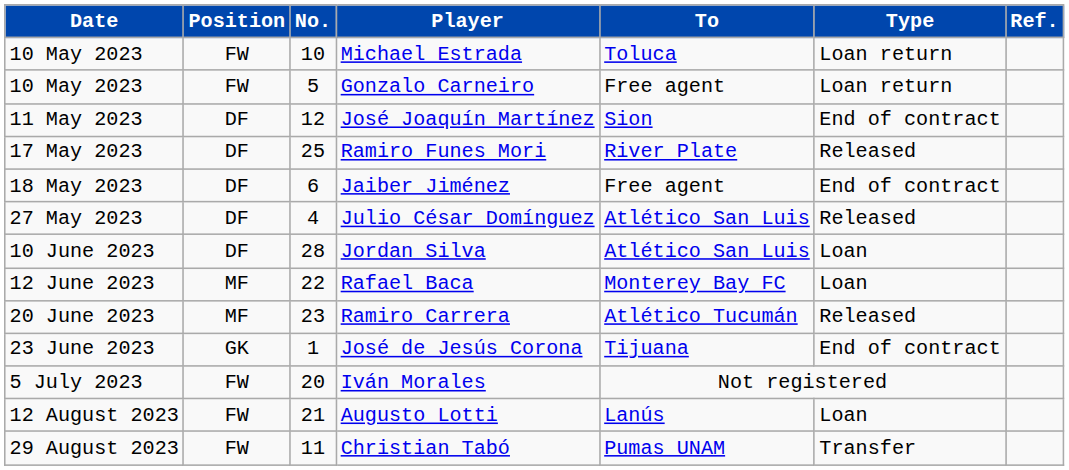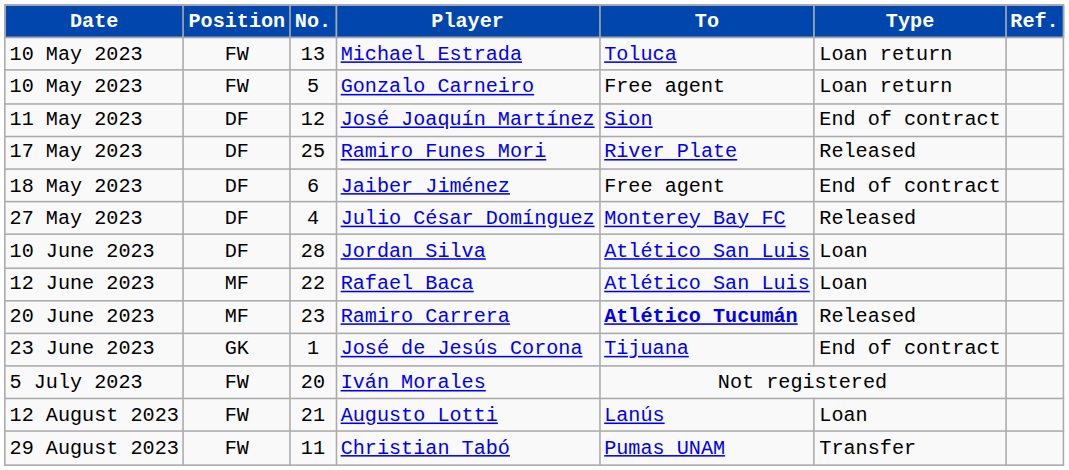 <table class="wikitable plainrowheaders sortable">
 <tr>
 <th style="background:#0046AD; color:#FFFFFF; ">Date</th>
 <th style="background:#0046AD; color:#FFFFFF; ">Position</th>
 <th style="background:#0046AD; color:#FFFFFF; ">No.</th>
 <th style="background:#0046AD; color:#FFFFFF; ">Player</th>
 <th style="background:#0046AD; color:#FFFFFF; ">To</th>
 <th style="background:#0046AD; color:#FFFFFF; ">Type</th>
 <th style="background:#0046AD; color:#FFFFFF; ">Ref.</th>
 </tr>
 <tr>
 <td>10 May 2023</td>
 <td style="text-align:center;">FW</td>
-<td style="text-align:center;">10</td>
+<td style="text-align:center;">13</td>
 <td style="text-align:left;"> <a href='#'>Michael Estrada</a></td>
 <td style="text-align:left;"> <a href='#'>Toluca</a></td>
 <td>Loan return</td>
 <td></td>
 </tr>
 <tr>
 <td>10 May 2023</td>
 <td style="text-align:center;">FW</td>
 <td style="text-align:center;">5</td>
 <td style="text-align:left;"> <a href='#'>Gonzalo Carneiro</a></td>
 <td style="text-align:left;">Free agent</td>
 <td>Loan return</td>
 <td></td>
 </tr>
 <tr>
 <td>11 May 2023</td>
 <td style="text-align:center;">DF</td>
 <td style="text-align:center;">12</td>
 <td style="text-align:left;"> <a href='#'>José Joaquín Martínez</a></td>
 <td style="text-align:left;"> <a href='#'>Sion</a></td>
 <td>End of contract</td>
 <td></td>
 </tr>
 <tr>
 <td>17 May 2023</td>
 <td style="text-align:center;">DF</td>
 <td style="text-align:center;">25</td>
 <td style="text-align:left;"> <a href='#'>Ramiro Funes Mori</a></td>
 <td style="text-align:left;"> <a href='#'>River Plate</a></td>
 <td>Released</td>
 <td></td>
 </tr>
 <tr>
 <td>18 May 2023</td>
 <td style="text-align:center;">DF</td>
 <td style="text-align:center;">6</td>
 <td style="text-align:left;"> <a href='#'>Jaiber Jiménez</a></td>
 <td style="text-align:left;">Free agent</td>
 <td>End of contract</td>
 <td></td>
 </tr>
 <tr>
 <td>27 May 2023</td>
 <td style="text-align:center;">DF</td>
 <td style="text-align:center;">4</td>
 <td style="text-align:left;"> <a href='#'>Julio César Domínguez</a></td>
-<td style="text-align:left;"> <a href='#'>Atlético San Luis</a></td>
+<td style="text-align:left;"> <a href='#'>Monterey Bay FC</a></td>
 <td>Released</td>
 <td></td>
 </tr>
 <tr>
 <td>10 June 2023</td>
 <td style="text-align:center;">DF</td>
 <td style="text-align:center;">28</td>
 <td style="text-align:left;"> <a href='#'>Jordan Silva</a></td>
 <td style="text-align:left;"> <a href='#'>Atlético San Luis</a></td>
 <td>Loan</td>
 <td></td>
 </tr>
 <tr>
 <td>12 June 2023</td>
 <td style="text-align:center;">MF</td>
 <td style="text-align:center;">22</td>
 <td style="text-align:left;"> <a href='#'>Rafael Baca</a></td>
-<td style="text-align:left;"> <a href='#'>Monterey Bay FC</a></td>
+<td style="text-align:left;"> <a href='#'>Atlético San Luis</a></td>
 <td>Loan</td>
 <td></td>
 </tr>
 <tr>
 <td>20 June 2023</td>
 <td style="text-align:center;">MF</td>
 <td style="text-align:center;">23</td>
 <td style="text-align:left;"> <a href='#'>Ramiro Carrera</a></td>
-<td style="text-align:left;"> <a href='#'>Atlético Tucumán</a></td>
+<td style="text-align:left;"><strong> <a href='#'>Atlético Tucumán</a></strong></td>
 <td>Released</td>
 <td></td>
 </tr>
 <tr>
 <td>23 June 2023</td>
 <td style="text-align:center;">GK</td>
 <td style="text-align:center;">1</td>
 <td style="text-align:left;"> <a href='#'>José de Jesús Corona</a></td>
 <td style="text-align:left;"> <a href='#'>Tijuana</a></td>
 <td>End of contract</td>
 <td></td>
 </tr>
 <tr>
 <td>5 July 2023</td>
 <td style="text-align:center;">FW</td>
 <td style="text-align:center;">20</td>
 <td style="text-align:left;"> <a href='#'>Iván Morales</a></td>
 <td style="text-align:center;" colspan="2">Not registered</td>
 <td></td>
 </tr>
 <tr>
 <td>12 August 2023</td>
 <td style="text-align:center;">FW</td>
 <td style="text-align:center;">21</td>
 <td style="text-align:left;"> <a href='#'>Augusto Lotti</a></td>
 <td style="text-align:left;"> <a href='#'>Lanús</a></td>
 <td>Loan</td>
 <td></td>
 </tr>
 <tr>
 <td>29 August 2023</td>
 <td style="text-align:center;">FW</td>
 <td style="text-align:center;">11</td>
 <td style="text-align:left;"> <a href='#'>Christian Tabó</a></td>
 <td style="text-align:left;"> <a href='#'>Pumas UNAM</a></td>
 <td>Transfer</td>
 <td></td>
 </tr>
 </table>
